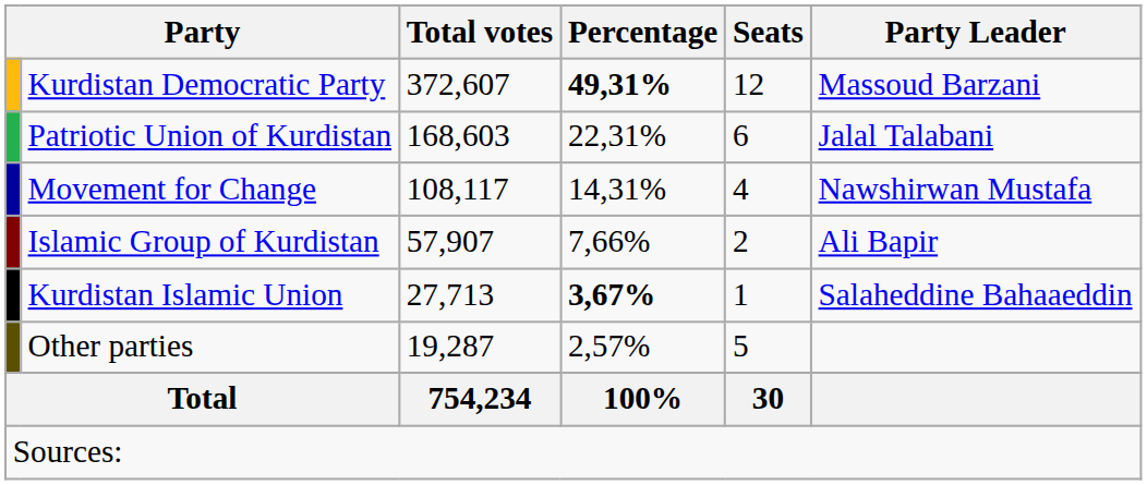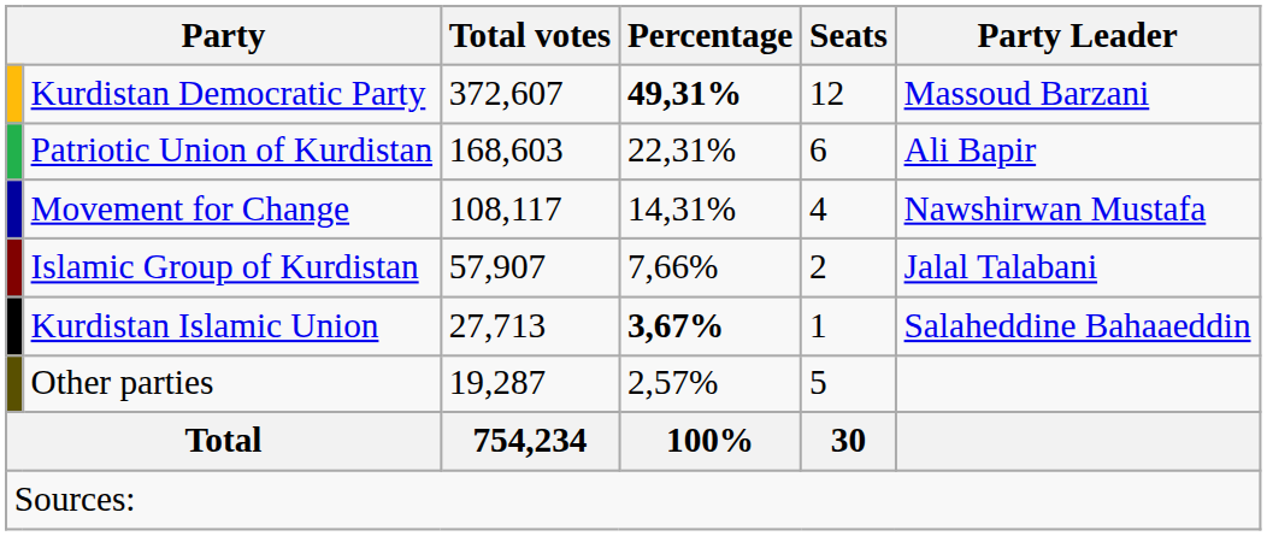 <table class="wikitable sortable" style="border:1px solid #8888aa; background-color:#f8f8f8; padding:0px; font-size:90%;">
 <tr style="background-color:#E9E9E9">
 <th colspan=2>Party</th>
 <th>Total votes</th>
 <th>Percentage</th>
 <th>Seats</th>
 <th>Party Leader</th>
 </tr>
 <tr>
 <td bgcolor="#FFBB0A"></td>
 <td><a href='#'>Kurdistan Democratic Party</a></td>
 <td>372,607</td>
 <td><strong>49,31%</strong></td>
 <td>12</td>
 <td><a href='#'>Massoud Barzani</a></td>
 </tr>
 <tr>
 <td bgcolor="#22B14C"></td>
 <td><a href='#'>Patriotic Union of Kurdistan</a></td>
 <td>168,603</td>
 <td>22,31%</td>
 <td>6</td>
-<td><a href='#'>Jalal Talabani</a></td>
+<td><a href='#'>Ali Bapir</a></td>
 </tr>
 <tr>
 <td bgcolor="#00009F"></td>
 <td><a href='#'>Movement for Change</a></td>
 <td>108,117</td>
 <td>14,31%</td>
 <td>4</td>
 <td><a href='#'>Nawshirwan Mustafa</a></td>
 </tr>
 <tr>
 <td bgcolor="#810100"></td>
 <td><a href='#'>Islamic Group of Kurdistan</a></td>
 <td>57,907</td>
 <td>7,66%</td>
 <td>2</td>
-<td><a href='#'>Ali Bapir</a></td>
+<td><a href='#'>Jalal Talabani</a></td>
 </tr>
 <tr>
 <td bgcolor="#000000"></td>
 <td><a href='#'>Kurdistan Islamic Union</a></td>
 <td>27,713</td>
 <td><strong>3,67%</strong></td>
 <td>1</td>
 <td><a href='#'>Salaheddine Bahaaeddin</a></td>
 </tr>
 <tr>
 <td bgcolor="#595000"></td>
 <td>Other parties</td>
 <td>19,287</td>
 <td>2,57%</td>
 <td>5</td>
 <td></td>
 </tr>
 <tr>
 <th colspan=2><strong>Total</strong></th>
 <th><strong>754,234</strong></th>
 <th><strong>100%</strong></th>
 <th><strong>30</strong></th>
 <th></th>
 </tr>
 <tr>
 <td colspan=7 align=left>Sources:</td>
 </tr>
 </table>
